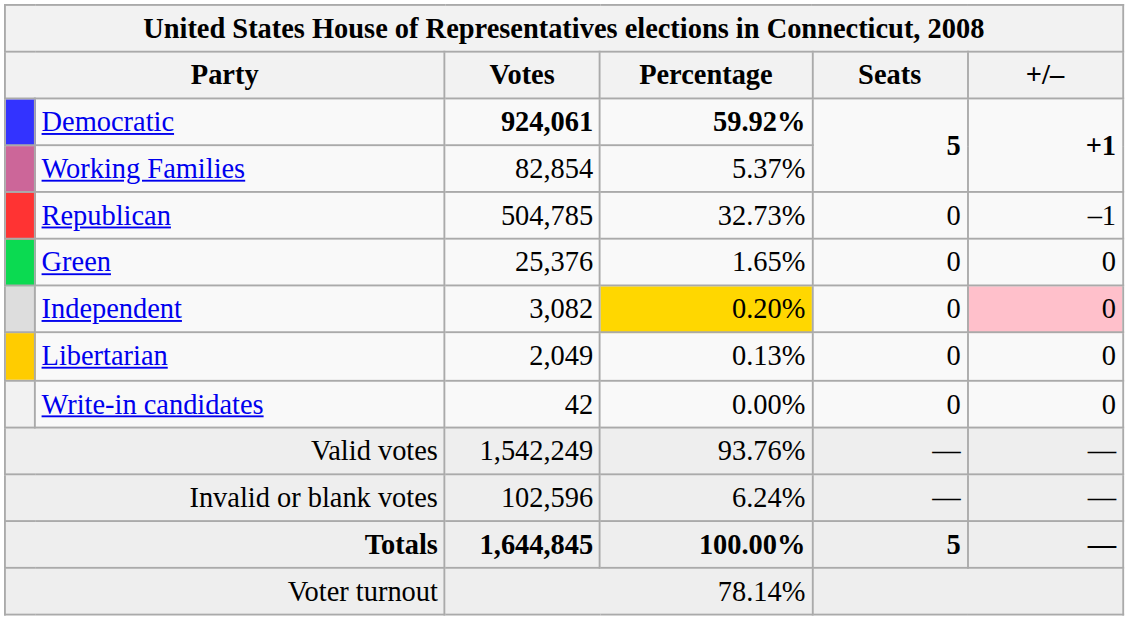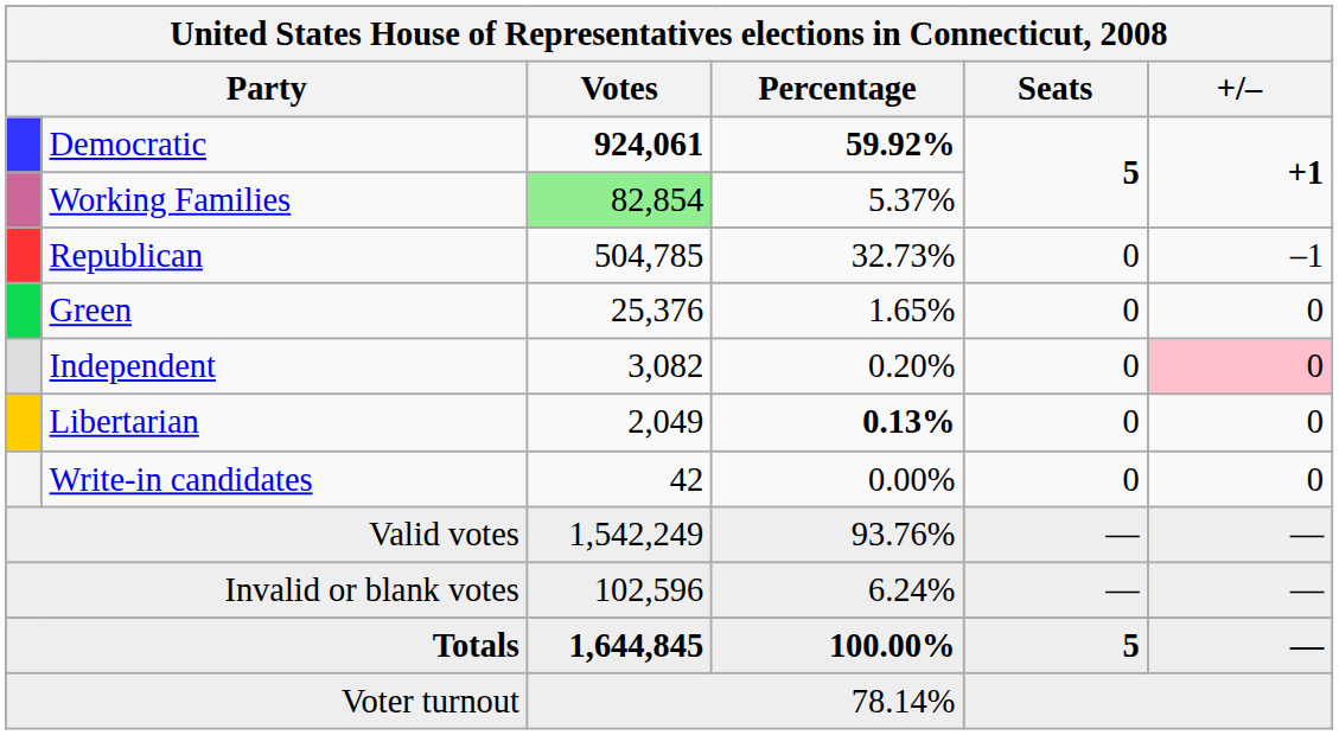 <table class="wikitable" style="font-size: 95%;">
 <tr>
 <th colspan="6">United States House of Representatives elections in Connecticut, 2008</th>
 </tr>
 <tr>
 <th colspan=2 style="width: 15em">Party</th>
 <th style="width: 5em">Votes</th>
 <th style="width: 7em">Percentage</th>
 <th style="width: 5em">Seats</th>
 <th style="width: 5em">+/–</th>
 </tr>
 <tr>
 <th style="background-color:#3333FF; width: 3px"></th>
 <td style="width: 130px"><a href='#'>Democratic</a></td>
 <td align="right"><strong>924,061</strong></td>
 <td align="right"><strong>59.92%</strong></td>
 <td rowspan="2" align="right"><strong>5</strong></td>
 <td rowspan="2" align="right"><strong>+1</strong></td>
 </tr>
 <tr>
 <th style="background-color:#CC6699; width: 3px"></th>
 <td style="width: 130px"><a href='#'>Working Families</a></td>
-<td align="right">82,854</td>
+<td align="right" style="background: lightgreen;">82,854</td>
 <td align="right">5.37%</td>
 </tr>
 <tr>
 <th style="background-color:#FF3333; width: 3px"></th>
 <td style="width: 130px"><a href='#'>Republican</a></td>
 <td align="right">504,785</td>
 <td align="right">32.73%</td>
 <td align="right">0</td>
 <td align="right">–1</td>
 </tr>
 <tr>
 <th style="background-color:#0BDA51; width: 3px"></th>
 <td style="width: 130px"><a href='#'>Green</a></td>
 <td align="right">25,376</td>
 <td align="right">1.65%</td>
 <td align="right">0</td>
 <td align="right">0</td>
 </tr>
 <tr>
 <th style="background-color:#DDDDDD; width: 3px"></th>
 <td style="width: 130px"><a href='#'>Independent</a></td>
 <td align="right">3,082</td>
-<td align="right" style="background: gold;">0.20%</td>
+<td align="right">0.20%</td>
 <td align="right">0</td>
 <td align="right" style="background: pink;">0</td>
 </tr>
 <tr>
 <th style="background-color:#FFCC00; width: 3px"></th>
 <td style="width: 130px"><a href='#'>Libertarian</a></td>
 <td align="right">2,049</td>
-<td align="right">0.13%</td>
+<td align="right"><strong>0.13%</strong></td>
 <td align="right">0</td>
 <td align="right">0</td>
 </tr>
 <tr>
 <th style="background-color:#white; width: 3px"></th>
 <td style="width: 130px"><a href='#'>Write-in candidates</a></td>
 <td align="right">42</td>
 <td align="right">0.00%</td>
 <td align="right">0</td>
 <td align="right">0</td>
 </tr>
 <tr bgcolor="#EEEEEE">
 <td colspan="2" align="right">Valid votes</td>
 <td align="right">1,542,249</td>
 <td align="right">93.76%</td>
 <td align="right">—</td>
 <td align="right">—</td>
 </tr>
 <tr bgcolor="#EEEEEE">
 <td colspan="2" align="right">Invalid or blank votes</td>
 <td align="right">102,596</td>
 <td align="right">6.24%</td>
 <td align="right">—</td>
 <td align="right">—</td>
 </tr>
 <tr bgcolor="#EEEEEE">
 <td colspan="2" align="right"><strong>Totals</strong></td>
 <td align="right"><strong>1,644,845</strong></td>
 <td align="right"><strong>100.00%</strong></td>
 <td align="right"><strong>5</strong></td>
 <td align="right"><strong>—</strong></td>
 </tr>
 <tr bgcolor="#EEEEEE">
 <td colspan="2" align="right">Voter turnout</td>
 <td colspan="2" align="right">78.14%</td>
 <td colspan="2"></td>
 </tr>
 </table>
